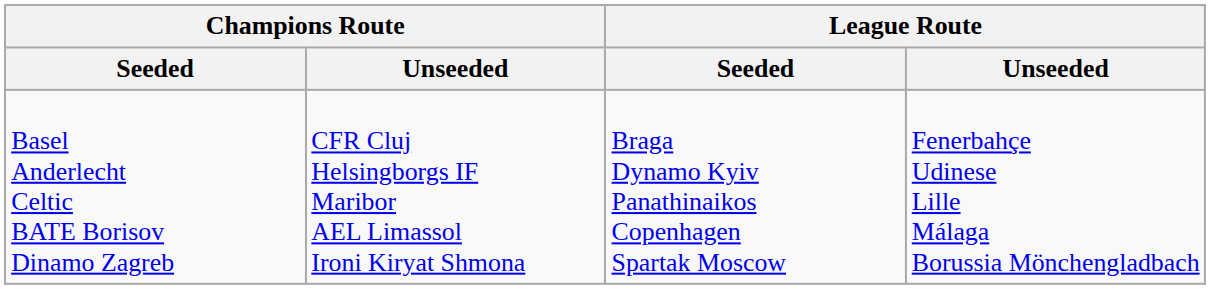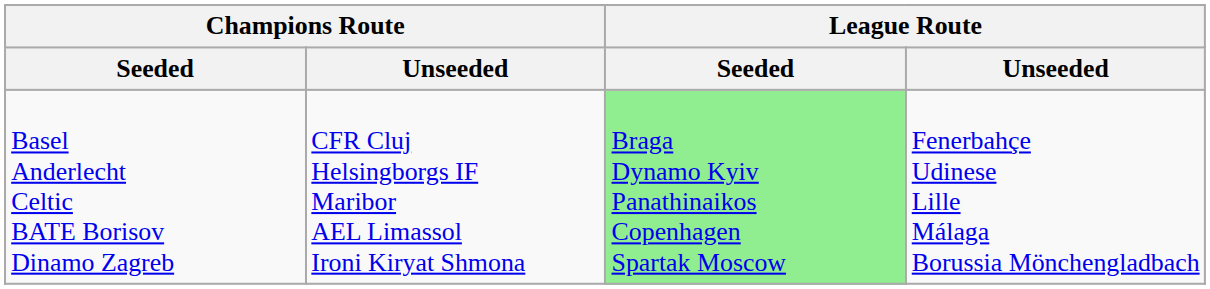 <table class="wikitable" style="font-size:80%">
 <tr>
 <th colspan=2>Champions Route</th>
 <th colspan=3>League Route</th>
 </tr>
 <tr>
 <th width=25%>Seeded</th>
 <th width=25%>Unseeded</th>
 <th width=25%>Seeded</th>
 <th width=25%>Unseeded</th>
 </tr>
 <tr>
 <td valign=top><br> <a href='#'>Basel</a><br>  <a href='#'>Anderlecht</a><br>  <a href='#'>Celtic</a><br>  <a href='#'>BATE Borisov</a><br>  <a href='#'>Dinamo Zagreb</a></td>
 <td valign=top><br> <a href='#'>CFR Cluj</a><br>  <a href='#'>Helsingborgs IF</a><br>  <a href='#'>Maribor</a><br>  <a href='#'>AEL Limassol</a><br>  <a href='#'>Ironi Kiryat Shmona</a></td>
-<td valign=top><br> <a href='#'>Braga</a><br>  <a href='#'>Dynamo Kyiv</a><br>  <a href='#'>Panathinaikos</a><br>  <a href='#'>Copenhagen</a><br>  <a href='#'>Spartak Moscow</a></td>
+<td valign=top style="background: lightgreen;"><br> <a href='#'>Braga</a><br>  <a href='#'>Dynamo Kyiv</a><br>  <a href='#'>Panathinaikos</a><br>  <a href='#'>Copenhagen</a><br>  <a href='#'>Spartak Moscow</a></td>
 <td valign=top><br> <a href='#'>Fenerbahçe</a><br>  <a href='#'>Udinese</a><br>  <a href='#'>Lille</a><br>  <a href='#'>Málaga</a><br>  <a href='#'>Borussia Mönchengladbach</a></td>
 </tr>
 </table>
